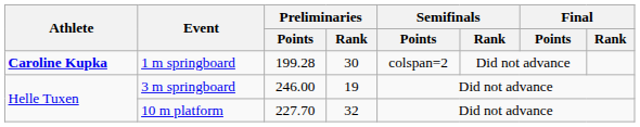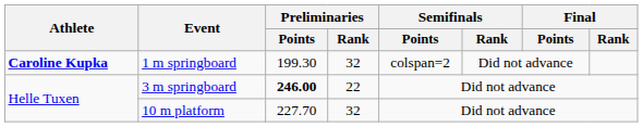 <table class="wikitable" style="text-align:center; font-size:90%; width:50%;">
 <tr>
 <th rowspan=2>Athlete</th>
 <th rowspan=2>Event</th>
 <th colspan=2>Preliminaries</th>
 <th colspan=2>Semifinals</th>
 <th colspan=2>Final</th>
 </tr>
 <tr style="font-size:95%">
 <th>Points</th>
 <th>Rank</th>
 <th>Points</th>
 <th>Rank</th>
 <th>Points</th>
 <th>Rank</th>
 </tr>
 <tr>
 <td align=left><strong><a href='#'>Caroline Kupka</a></strong></td>
 <td align=left><a href='#'>1 m springboard</a></td>
-<td>199.28</td>
-<td>30</td>
+<td>199.30</td>
+<td>32</td>
 <td>colspan=2 </td>
 <td colspan=2>Did not advance</td>
 </tr>
 <tr>
 <td align=left rowspan=2><a href='#'>Helle Tuxen</a></td>
 <td align=left><a href='#'>3 m springboard</a></td>
-<td>246.00</td>
-<td>19</td>
+<td><strong>246.00</strong></td>
+<td>22</td>
 <td colspan=4>Did not advance</td>
 </tr>
 <tr>
 <td align=left><a href='#'>10 m platform</a></td>
 <td>227.70</td>
 <td>32</td>
 <td colspan=4>Did not advance</td>
 </tr>
 </table>
